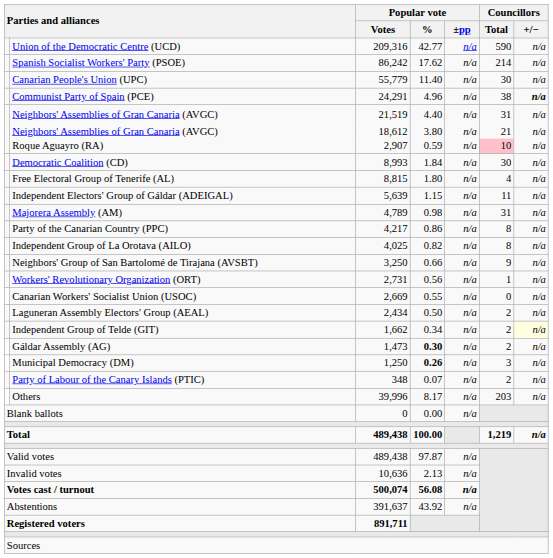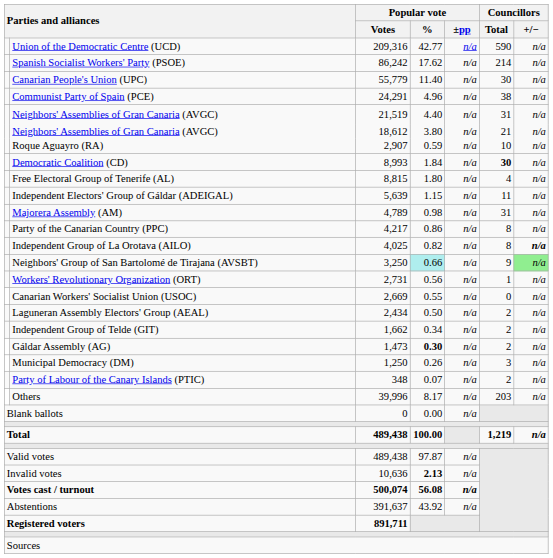 <table class="wikitable" style="text-align:right;">
 <tr>
 <th style="text-align:left;" rowspan="2" colspan="2" width="525">Parties and alliances</th>
 <th colspan="3">Popular vote</th>
 <th colspan="2">Councillors</th>
 </tr>
 <tr>
 <th width="75">Votes</th>
 <th width="45">%</th>
 <th width="45">±<a href='#'>pp</a></th>
 <th width="45">Total</th>
 <th width="45">+/−</th>
 </tr>
 <tr>
 <td width="1" style="color:inherit;background:"></td>
 <td align="left"><a href='#'>Union of the Democratic Centre</a> (UCD)</td>
 <td>209,316</td>
 <td>42.77</td>
 <td><em><a href='#'>n/a</a></em></td>
 <td>590</td>
 <td><em>n/a</em></td>
 </tr>
 <tr>
 <td style="color:inherit;background:"></td>
 <td align="left"><a href='#'>Spanish Socialist Workers' Party</a> (PSOE)</td>
 <td>86,242</td>
 <td>17.62</td>
 <td><em>n/a</em></td>
 <td>214</td>
 <td><em>n/a</em></td>
 </tr>
 <tr>
 <td style="color:inherit;background:"></td>
 <td align="left"><a href='#'>Canarian People's Union</a> (UPC)</td>
 <td>55,779</td>
 <td>11.40</td>
 <td><em>n/a</em></td>
 <td>30</td>
 <td><em>n/a</em></td>
 </tr>
 <tr>
 <td style="color:inherit;background:"></td>
 <td align="left"><a href='#'>Communist Party of Spain</a> (PCE)</td>
 <td>24,291</td>
 <td>4.96</td>
 <td><em>n/a</em></td>
 <td>38</td>
-<td><strong><em>n/a</em></strong></td>
+<td><em>n/a</em></td>
 </tr>
 <tr style="line-height:22px;">
 <td rowspan="3" style="color:inherit;background:"></td>
 <td align="left"><a href='#'>Neighbors' Assemblies of Gran Canaria</a> (AVGC)</td>
 <td>21,519</td>
 <td>4.40</td>
 <td><em>n/a</em></td>
 <td>31</td>
 <td><em>n/a</em></td>
 </tr>
 <tr style="border-bottom-style:hidden; border-top-style:hidden; line-height:16px;">
 <td align="left"><span><a href='#'>Neighbors' Assemblies of Gran Canaria</a> (AVGC)</span></td>
 <td>18,612</td>
 <td>3.80</td>
 <td><em>n/a</em></td>
 <td>21</td>
 <td><em>n/a</em></td>
 </tr>
 <tr style="line-height:16px;">
 <td align="left"><span>Roque Aguayro (RA)</span></td>
 <td>2,907</td>
 <td>0.59</td>
 <td><em>n/a</em></td>
-<td style="background: pink;">10</td>
+<td>10</td>
 <td><em>n/a</em></td>
 </tr>
 <tr>
 <td style="color:inherit;background:"></td>
 <td align="left"><a href='#'>Democratic Coalition</a> (CD)</td>
 <td>8,993</td>
 <td>1.84</td>
 <td><em>n/a</em></td>
-<td>30</td>
+<td><strong>30</strong></td>
 <td><em>n/a</em></td>
 </tr>
 <tr>
 <td style="color:inherit;background:"></td>
 <td align="left">Free Electoral Group of Tenerife (AL)</td>
 <td>8,815</td>
 <td>1.80</td>
 <td><em>n/a</em></td>
 <td>4</td>
 <td><em>n/a</em></td>
 </tr>
 <tr>
 <td style="color:inherit;background:"></td>
 <td align="left">Independent Electors' Group of Gáldar (ADEIGAL)</td>
 <td>5,639</td>
 <td>1.15</td>
 <td><em>n/a</em></td>
 <td>11</td>
 <td><em>n/a</em></td>
 </tr>
 <tr>
 <td style="color:inherit;background:"></td>
 <td align="left"><a href='#'>Majorera Assembly</a> (AM)</td>
 <td>4,789</td>
 <td>0.98</td>
 <td><em>n/a</em></td>
 <td>31</td>
 <td><em>n/a</em></td>
 </tr>
 <tr>
 <td style="color:inherit;background:"></td>
 <td align="left">Party of the Canarian Country (PPC)</td>
 <td>4,217</td>
 <td>0.86</td>
 <td><em>n/a</em></td>
 <td>8</td>
 <td><em>n/a</em></td>
 </tr>
 <tr>
 <td style="color:inherit;background:"></td>
 <td align="left">Independent Group of La Orotava (AILO)</td>
 <td>4,025</td>
 <td>0.82</td>
 <td><em>n/a</em></td>
 <td>8</td>
-<td><em>n/a</em></td>
+<td><strong><em>n/a</em></strong></td>
 </tr>
 <tr>
 <td style="color:inherit;background:"></td>
 <td align="left">Neighbors' Group of San Bartolomé de Tirajana (AVSBT)</td>
 <td>3,250</td>
-<td>0.66</td>
+<td style="background: paleturquoise;">0.66</td>
 <td><em>n/a</em></td>
 <td>9</td>
-<td><em>n/a</em></td>
+<td style="background: lightgreen;"><em>n/a</em></td>
 </tr>
 <tr>
 <td style="color:inherit;background:"></td>
 <td align="left"><a href='#'>Workers' Revolutionary Organization</a> (ORT)</td>
 <td>2,731</td>
 <td>0.56</td>
 <td><em>n/a</em></td>
 <td>1</td>
 <td><em>n/a</em></td>
 </tr>
 <tr>
 <td bgcolor="white"></td>
 <td align="left">Canarian Workers' Socialist Union (USOC)</td>
 <td>2,669</td>
 <td>0.55</td>
 <td><em>n/a</em></td>
 <td>0</td>
 <td><em>n/a</em></td>
 </tr>
 <tr>
 <td style="color:inherit;background:"></td>
 <td align="left">Laguneran Assembly Electors' Group (AEAL)</td>
 <td>2,434</td>
 <td>0.50</td>
 <td><em>n/a</em></td>
 <td>2</td>
 <td><em>n/a</em></td>
 </tr>
 <tr>
 <td style="color:inherit;background:"></td>
 <td align="left">Independent Group of Telde (GIT)</td>
 <td>1,662</td>
 <td>0.34</td>
 <td><em>n/a</em></td>
 <td>2</td>
-<td style="background: lightyellow;"><em>n/a</em></td>
+<td><em>n/a</em></td>
 </tr>
 <tr>
 <td bgcolor="white"></td>
 <td align="left">Gáldar Assembly (AG)</td>
 <td>1,473</td>
 <td><strong>0.30</strong></td>
 <td><em>n/a</em></td>
 <td>2</td>
 <td><em>n/a</em></td>
 </tr>
 <tr>
 <td bgcolor="white"></td>
 <td align="left">Municipal Democracy (DM)</td>
 <td>1,250</td>
-<td><strong>0.26</strong></td>
+<td>0.26</td>
 <td><em>n/a</em></td>
 <td>3</td>
 <td><em>n/a</em></td>
 </tr>
 <tr>
 <td style="color:inherit;background:"></td>
 <td align="left"><a href='#'>Party of Labour of the Canary Islands</a> (PTIC)</td>
 <td>348</td>
 <td>0.07</td>
 <td><em>n/a</em></td>
 <td>2</td>
 <td><em>n/a</em></td>
 </tr>
 <tr>
 <td bgcolor="white"></td>
 <td align="left">Others</td>
 <td>39,996</td>
 <td>8.17</td>
 <td><em>n/a</em></td>
 <td>203</td>
 <td><em>n/a</em></td>
 </tr>
 <tr>
 <td align="left" colspan="2">Blank ballots</td>
 <td>0</td>
 <td>0.00</td>
 <td><em>n/a</em></td>
 <td bgcolor="#E9E9E9" colspan="2"></td>
 </tr>
 <tr>
 <td colspan="7" bgcolor="#E9E9E9"></td>
 </tr>
 <tr style="font-weight:bold;">
 <td align="left" colspan="2">Total</td>
 <td>489,438</td>
 <td>100.00</td>
 <td bgcolor="#E9E9E9"></td>
 <td>1,219</td>
 <td><em>n/a</em></td>
 </tr>
 <tr>
 <td colspan="7" bgcolor="#E9E9E9"></td>
 </tr>
 <tr>
 <td align="left" colspan="2">Valid votes</td>
 <td>489,438</td>
 <td>97.87</td>
 <td><em>n/a</em></td>
 <td bgcolor="#E9E9E9" colspan="2" rowspan="5"></td>
 </tr>
 <tr>
 <td align="left" colspan="2">Invalid votes</td>
 <td>10,636</td>
-<td>2.13</td>
+<td><strong>2.13</strong></td>
 <td><em>n/a</em></td>
 </tr>
 <tr style="font-weight:bold;">
 <td align="left" colspan="2">Votes cast / turnout</td>
 <td>500,074</td>
 <td>56.08</td>
 <td><em>n/a</em></td>
 </tr>
 <tr>
 <td align="left" colspan="2">Abstentions</td>
 <td>391,637</td>
 <td>43.92</td>
 <td><em>n/a</em></td>
 </tr>
 <tr style="font-weight:bold;">
 <td align="left" colspan="2">Registered voters</td>
 <td>891,711</td>
 <td bgcolor="#E9E9E9" colspan="2"></td>
 </tr>
 <tr>
 <td colspan="7" bgcolor="#E9E9E9"></td>
 </tr>
 <tr>
 <td align="left" colspan="7">Sources</td>
 </tr>
 </table>
